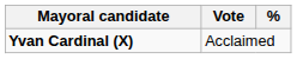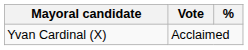 <table class="wikitable">
 <tr>
 <th bgcolor="#DDDDFF" width="200px">Mayoral candidate</th>
 <th bgcolor="#DDDDFF" width="50px">Vote</th>
 <th bgcolor="#DDDDFF"  width="30px">%</th>
 </tr>
 <tr>
-<td><strong>Yvan Cardinal (X)</strong></td>
+<td>Yvan Cardinal (X)</td>
 <td colspan="2">Acclaimed</td>
 </tr>
 </table>
